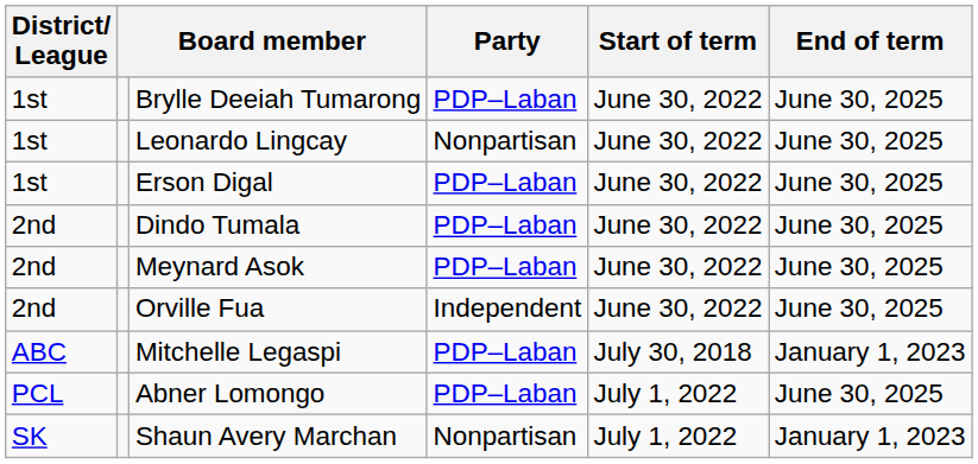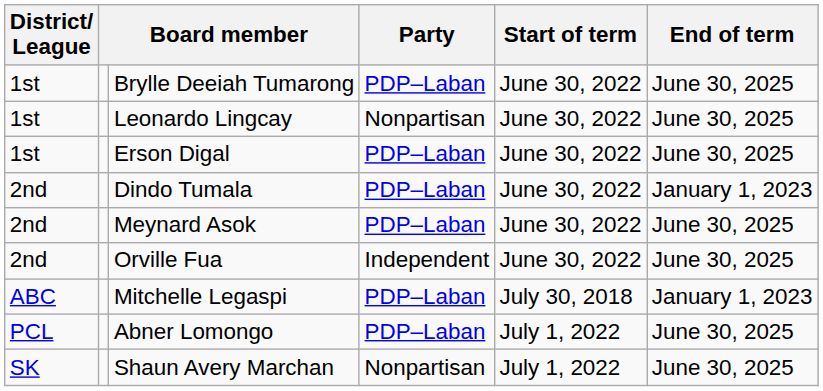 <table class="wikitable">
 <tr>
 <th>District/<br>League</th>
 <th colspan="2">Board member</th>
 <th>Party</th>
 <th>Start of term</th>
 <th>End of term</th>
 </tr>
 <tr>
 <td>1st</td>
 <td></td>
 <td>Brylle Deeiah Tumarong</td>
 <td><a href='#'>PDP–Laban</a></td>
 <td>June 30, 2022</td>
 <td>June 30, 2025</td>
 </tr>
 <tr>
 <td>1st</td>
 <td></td>
 <td>Leonardo Lingcay</td>
 <td>Nonpartisan</td>
 <td>June 30, 2022</td>
 <td>June 30, 2025</td>
 </tr>
 <tr>
 <td>1st</td>
 <td></td>
 <td>Erson Digal</td>
 <td><a href='#'>PDP–Laban</a></td>
 <td>June 30, 2022</td>
 <td>June 30, 2025</td>
 </tr>
 <tr>
 <td>2nd</td>
 <td></td>
 <td>Dindo Tumala</td>
 <td><a href='#'>PDP–Laban</a></td>
 <td>June 30, 2022</td>
-<td>June 30, 2025</td>
+<td>January 1, 2023</td>
 </tr>
 <tr>
 <td>2nd</td>
 <td></td>
 <td>Meynard Asok</td>
 <td><a href='#'>PDP–Laban</a></td>
 <td>June 30, 2022</td>
 <td>June 30, 2025</td>
 </tr>
 <tr>
 <td>2nd</td>
 <td></td>
 <td>Orville Fua</td>
 <td>Independent</td>
 <td>June 30, 2022</td>
 <td>June 30, 2025</td>
 </tr>
 <tr>
 <td><a href='#'>ABC</a></td>
 <td></td>
 <td>Mitchelle Legaspi</td>
 <td><a href='#'>PDP–Laban</a></td>
 <td>July 30, 2018</td>
 <td>January 1, 2023</td>
 </tr>
 <tr>
 <td><a href='#'>PCL</a></td>
 <td></td>
 <td>Abner Lomongo</td>
 <td><a href='#'>PDP–Laban</a></td>
 <td>July 1, 2022</td>
 <td>June 30, 2025</td>
 </tr>
 <tr>
 <td><a href='#'>SK</a></td>
 <td></td>
 <td>Shaun Avery Marchan</td>
 <td>Nonpartisan</td>
 <td>July 1, 2022</td>
-<td>January 1, 2023</td>
+<td>June 30, 2025</td>
 </tr>
 </table>
